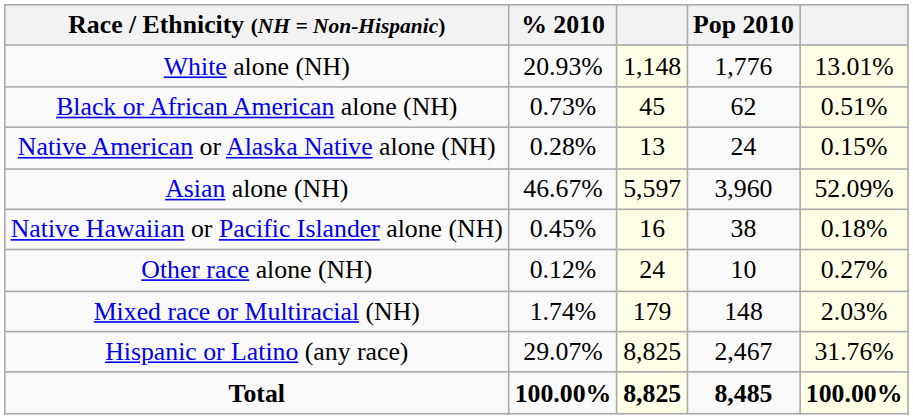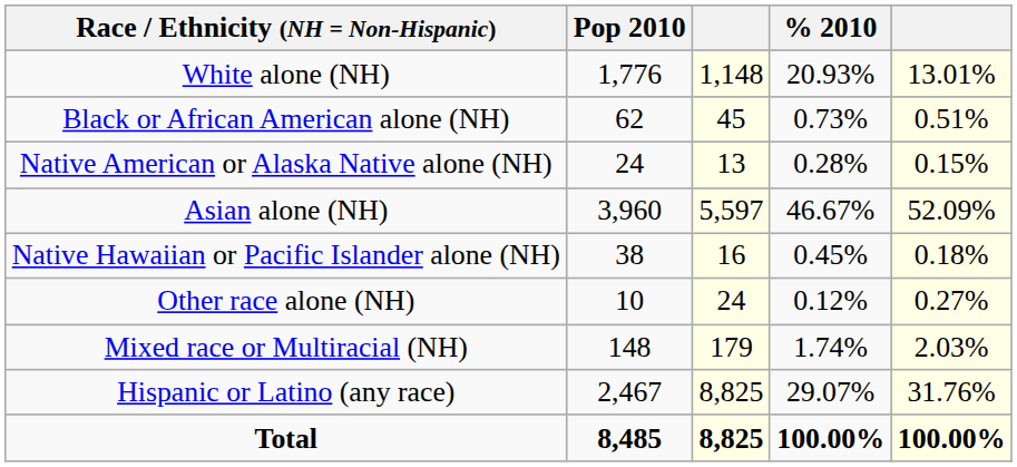 <table class="wikitable" style="text-align:center;">
 <tr>
 <th>Race / Ethnicity <small>(<em>NH = Non-Hispanic</em>)</small></th>
+<th>Pop 2010</th>
+<th></th>
 <th>% 2010</th>
-<th></th>
-<th>Pop 2010</th>
 <th></th>
 </tr>
 <tr>
 <td><a href='#'>White</a> alone (NH)</td>
+<td>1,776</td>
+<td style='background: #ffffe6;'>1,148</td>
 <td>20.93%</td>
-<td style='background: #ffffe6;'>1,148</td>
-<td>1,776</td>
 <td style='background: #ffffe6;'>13.01%</td>
 </tr>
 <tr>
 <td><a href='#'>Black or African American</a> alone (NH)</td>
+<td>62</td>
+<td style='background: #ffffe6;'>45</td>
 <td>0.73%</td>
-<td style='background: #ffffe6;'>45</td>
-<td>62</td>
 <td style='background: #ffffe6;'>0.51%</td>
 </tr>
 <tr>
 <td><a href='#'>Native American</a> or <a href='#'>Alaska Native</a> alone (NH)</td>
+<td>24</td>
+<td style='background: #ffffe6;'>13</td>
 <td>0.28%</td>
-<td style='background: #ffffe6;'>13</td>
-<td>24</td>
 <td style='background: #ffffe6;'>0.15%</td>
 </tr>
 <tr>
 <td><a href='#'>Asian</a> alone (NH)</td>
+<td>3,960</td>
+<td style='background: #ffffe6;'>5,597</td>
 <td>46.67%</td>
-<td style='background: #ffffe6;'>5,597</td>
-<td>3,960</td>
 <td style='background: #ffffe6;'>52.09%</td>
 </tr>
 <tr>
 <td><a href='#'>Native Hawaiian</a> or <a href='#'>Pacific Islander</a> alone (NH)</td>
+<td>38</td>
+<td style='background: #ffffe6;'>16</td>
 <td>0.45%</td>
-<td style='background: #ffffe6;'>16</td>
-<td>38</td>
 <td style='background: #ffffe6;'>0.18%</td>
 </tr>
 <tr>
 <td><a href='#'>Other race</a> alone (NH)</td>
+<td>10</td>
+<td style='background: #ffffe6;'>24</td>
 <td>0.12%</td>
-<td style='background: #ffffe6;'>24</td>
-<td>10</td>
 <td style='background: #ffffe6;'>0.27%</td>
 </tr>
 <tr>
 <td><a href='#'>Mixed race or Multiracial</a> (NH)</td>
+<td>148</td>
+<td style='background: #ffffe6;'>179</td>
 <td>1.74%</td>
-<td style='background: #ffffe6;'>179</td>
-<td>148</td>
 <td style='background: #ffffe6;'>2.03%</td>
 </tr>
 <tr>
 <td><a href='#'>Hispanic or Latino</a> (any race)</td>
+<td>2,467</td>
+<td style='background: #ffffe6;'>8,825</td>
 <td>29.07%</td>
-<td style='background: #ffffe6;'>8,825</td>
-<td>2,467</td>
 <td style='background: #ffffe6;'>31.76%</td>
 </tr>
 <tr>
 <td><strong>Total</strong></td>
+<td><strong>8,485</strong></td>
+<td style='background: #ffffe6;'><strong>8,825</strong></td>
 <td><strong>100.00%</strong></td>
-<td style='background: #ffffe6;'><strong>8,825</strong></td>
-<td><strong>8,485</strong></td>
 <td style='background: #ffffe6;'><strong>100.00%</strong></td>
 </tr>
 </table>
